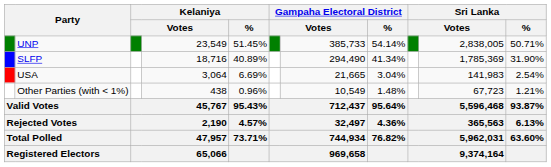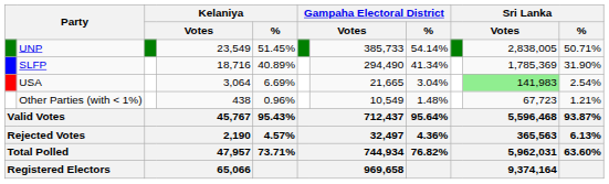 <table class="wikitable">
 <tr>
 <th colspan="2" width="144px"rowspan="2">Party</th>
 <th colspan="3" width="216px">Kelaniya</th>
 <th colspan="3" width="216px"><a href='#'>Gampaha Electoral District</a></th>
 <th colspan="3" width="216px">Sri Lanka</th>
 </tr>
 <tr>
 <th colspan="2" width="144px">Votes</th>
 <th>%</th>
 <th colspan="2" width="144px">Votes</th>
 <th>%</th>
 <th colspan="2" width="144px">Votes</th>
 <th>%</th>
 </tr>
 <tr>
 <td style="background-color:green;" width="10px"></td>
 <td style="text-align:left;"><a href='#'>UNP</a></td>
 <td style="background-color:green;" width="10px"></td>
 <td style="text-align:right;">23,549</td>
 <td style="text-align:right;">51.45%</td>
 <td style="background-color:green;" width="10px"></td>
 <td style="text-align:right;">385,733</td>
 <td style="text-align:right;">54.14%</td>
 <td style="background-color:green;" width="10px"></td>
 <td style="text-align:right;">2,838,005</td>
 <td style="text-align:right;">50.71%</td>
 </tr>
 <tr>
 <td style="background-color:blue;" width="10px"></td>
 <td style="text-align:left;"><a href='#'>SLFP</a></td>
 <td style="background-color:white;" width="10px"></td>
 <td style="text-align:right;">18,716</td>
 <td style="text-align:right;">40.89%</td>
 <td style="background-color:white;" width="10px"></td>
 <td style="text-align:right;">294,490</td>
 <td style="text-align:right;">41.34%</td>
 <td style="background-color:white;" width="10px"></td>
 <td style="text-align:right;">1,785,369</td>
 <td style="text-align:right;">31.90%</td>
 </tr>
 <tr>
 <td style="background-color:red;" width="10px"></td>
 <td style="text-align:left;">USA</td>
 <td style="background-color:white;" width="10px"></td>
 <td style="text-align:right;">3,064</td>
 <td style="text-align:right;">6.69%</td>
 <td style="background-color:white;" width="10px"></td>
 <td style="text-align:right;">21,665</td>
 <td style="text-align:right;">3.04%</td>
 <td style="background-color:white;" width="10px"></td>
-<td style="text-align:right;">141,983</td>
+<td style="background: lightgreen; text-align:right;">141,983</td>
 <td style="text-align:right;">2.54%</td>
 </tr>
 <tr>
 <td style="background-color:white;" width="10px"></td>
 <td style="text-align:left;">Other Parties (with < 1%)</td>
 <td style="background-color:white;" width="10px"></td>
 <td style="text-align:right;">438</td>
 <td style="text-align:right;">0.96%</td>
 <td style="background-color:white;" width="10px"></td>
 <td style="text-align:right;">10,549</td>
 <td style="text-align:right;">1.48%</td>
 <td style="background-color:white;" width="10px"></td>
 <td style="text-align:right;">67,723</td>
 <td style="text-align:right;">1.21%</td>
 </tr>
 <tr>
 <th colspan="2" width="144px"style="text-align:left;">Valid Votes</th>
 <th style="text-align:right;"colspan="2" width="144px">45,767</th>
 <th style="text-align:right;">95.43%</th>
 <th style="text-align:right;"colspan="2" width="144px">712,437</th>
 <th style="text-align:right;">95.64%</th>
 <th style="text-align:right;"colspan="2" width="144px">5,596,468</th>
 <th style="text-align:right;">93.87%</th>
 </tr>
 <tr>
 <th colspan="2" width="144px"style="text-align:left;">Rejected Votes</th>
 <th style="text-align:right;"colspan="2" width="144px">2,190</th>
 <th style="text-align:right;">4.57%</th>
 <th style="text-align:right;"colspan="2" width="144px">32,497</th>
 <th style="text-align:right;">4.36%</th>
 <th style="text-align:right;"colspan="2" width="144px">365,563</th>
 <th style="text-align:right;">6.13%</th>
 </tr>
 <tr>
 <th colspan="2" width="144px"style="text-align:left;">Total Polled</th>
 <th style="text-align:right;"colspan="2" width="144px">47,957</th>
 <th style="text-align:right;">73.71%</th>
 <th style="text-align:right;"colspan="2" width="144px">744,934</th>
 <th style="text-align:right;">76.82%</th>
 <th style="text-align:right;"colspan="2" width="144px">5,962,031</th>
 <th style="text-align:right;">63.60%</th>
 </tr>
 <tr>
 <th colspan="2" width="144px"style="text-align:left;">Registered Electors</th>
 <th style="text-align:right;"colspan="2" width="144px">65,066</th>
 <th></th>
 <th style="text-align:right;"colspan="2" width="144px">969,658</th>
 <th></th>
 <th style="text-align:right;"colspan="2" width="144px">9,374,164</th>
 <th></th>
 </tr>
 </table>
